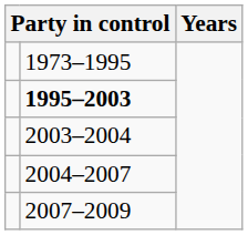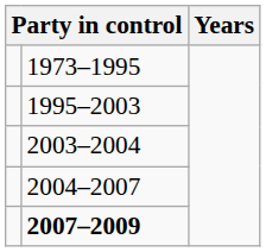 <table class="wikitable">
 <tr>
 <th colspan="2">Party in control</th>
 <th>Years</th>
 </tr>
 <tr>
 <td></td>
 <td>1973–1995</td>
 </tr>
 <tr>
 <td></td>
-<td><strong>1995–2003</strong></td>
+<td>1995–2003</td>
 </tr>
 <tr>
 <td></td>
 <td>2003–2004</td>
 </tr>
 <tr>
 <td></td>
 <td>2004–2007</td>
 </tr>
 <tr>
 <td></td>
-<td>2007–2009</td>
+<td><strong>2007–2009</strong></td>
 </tr>
 </table>
